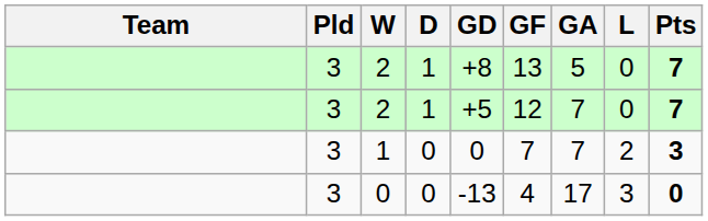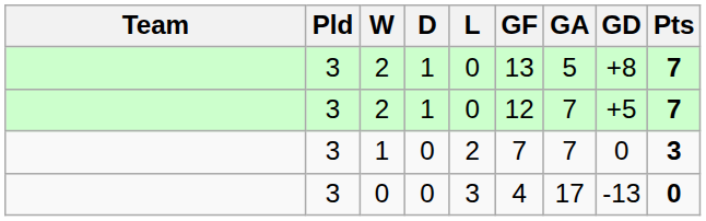 <table class="wikitable" style="text-align: center;">
 <tr>
 <th width="175">Team</th>
 <th width="20">Pld</th>
 <th width="20">W</th>
 <th width="20">D</th>
-<th width="20">GD</th>
+<th width="20">L</th>
 <th width="20">GF</th>
 <th width="20">GA</th>
-<th width="20">L</th>
+<th width="20">GD</th>
 <th width="20">Pts</th>
 </tr>
 <tr bgcolor="#ccffcc">
 <td style="text-align:left;"><strong></strong></td>
 <td>3</td>
 <td>2</td>
 <td>1</td>
-<td>+8</td>
+<td>0</td>
 <td>13</td>
 <td>5</td>
-<td>0</td>
+<td>+8</td>
 <td><strong>7</strong></td>
 </tr>
 <tr align=center bgcolor="ccffcc">
 <td style="text-align:left;"></td>
 <td>3</td>
 <td>2</td>
 <td>1</td>
-<td>+5</td>
+<td>0</td>
 <td>12</td>
 <td>7</td>
-<td>0</td>
+<td>+5</td>
 <td><strong>7</strong></td>
 </tr>
 <tr align=center>
 <td style="text-align:left;"></td>
 <td>3</td>
 <td>1</td>
 <td>0</td>
-<td>0</td>
+<td>2</td>
 <td>7</td>
 <td>7</td>
-<td>2</td>
+<td>0</td>
 <td><strong>3</strong></td>
 </tr>
 <tr align=center>
 <td style="text-align:left;"></td>
 <td>3</td>
 <td>0</td>
 <td>0</td>
-<td>-13</td>
+<td>3</td>
 <td>4</td>
 <td>17</td>
-<td>3</td>
+<td>-13</td>
 <td><strong>0</strong></td>
 </tr>
 </table>
